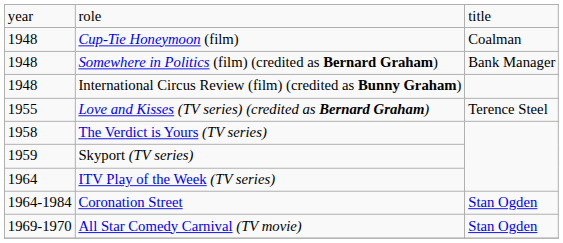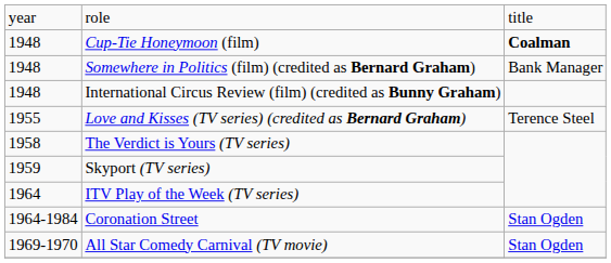 <table class="wikitable">
 <tr>
 <td>year</td>
 <td>role</td>
 <td>title</td>
 </tr>
 <tr>
 <td>1948</td>
 <td><em><a href='#'>Cup-Tie Honeymoon</a></em> (film)</td>
-<td>Coalman</td>
+<td><strong>Coalman</strong></td>
 </tr>
 <tr>
 <td>1948</td>
 <td><em><a href='#'>Somewhere in Politics</a></em> (film) (credited as <strong>Bernard Graham</strong>)</td>
 <td>Bank Manager</td>
 </tr>
 <tr>
 <td>1948</td>
 <td>International Circus Review (film) (credited as <strong>Bunny Graham</strong>)</td>
 </tr>
 <tr>
 <td>1955</td>
 <td><em><a href='#'>Love and Kisses</a> (TV series) (credited as <strong>Bernard Graham</strong>)</td>
 <td>Terence Steel</td>
 </tr>
 <tr>
 <td>1958</td>
 <td></em><a href='#'>The Verdict is Yours</a><em> (TV series)</td>
 </tr>
 <tr>
 <td>1959</td>
 <td></em>Skyport<em> (TV series)</td>
 </tr>
 <tr>
 <td>1964</td>
 <td></em><a href='#'>ITV Play of the Week</a><em> (TV series)</td>
 </tr>
 <tr>
 <td>1964-1984</td>
 <td></em><a href='#'>Coronation Street</a><em></td>
 <td><a href='#'>Stan Ogden</a></td>
 </tr>
 <tr>
 <td>1969-1970</td>
 <td></em><a href='#'>All Star Comedy Carnival</a><em> (TV movie)</td>
 <td><a href='#'>Stan Ogden</a></td>
 </tr>
 <tr>
 </tr>
 </table>
